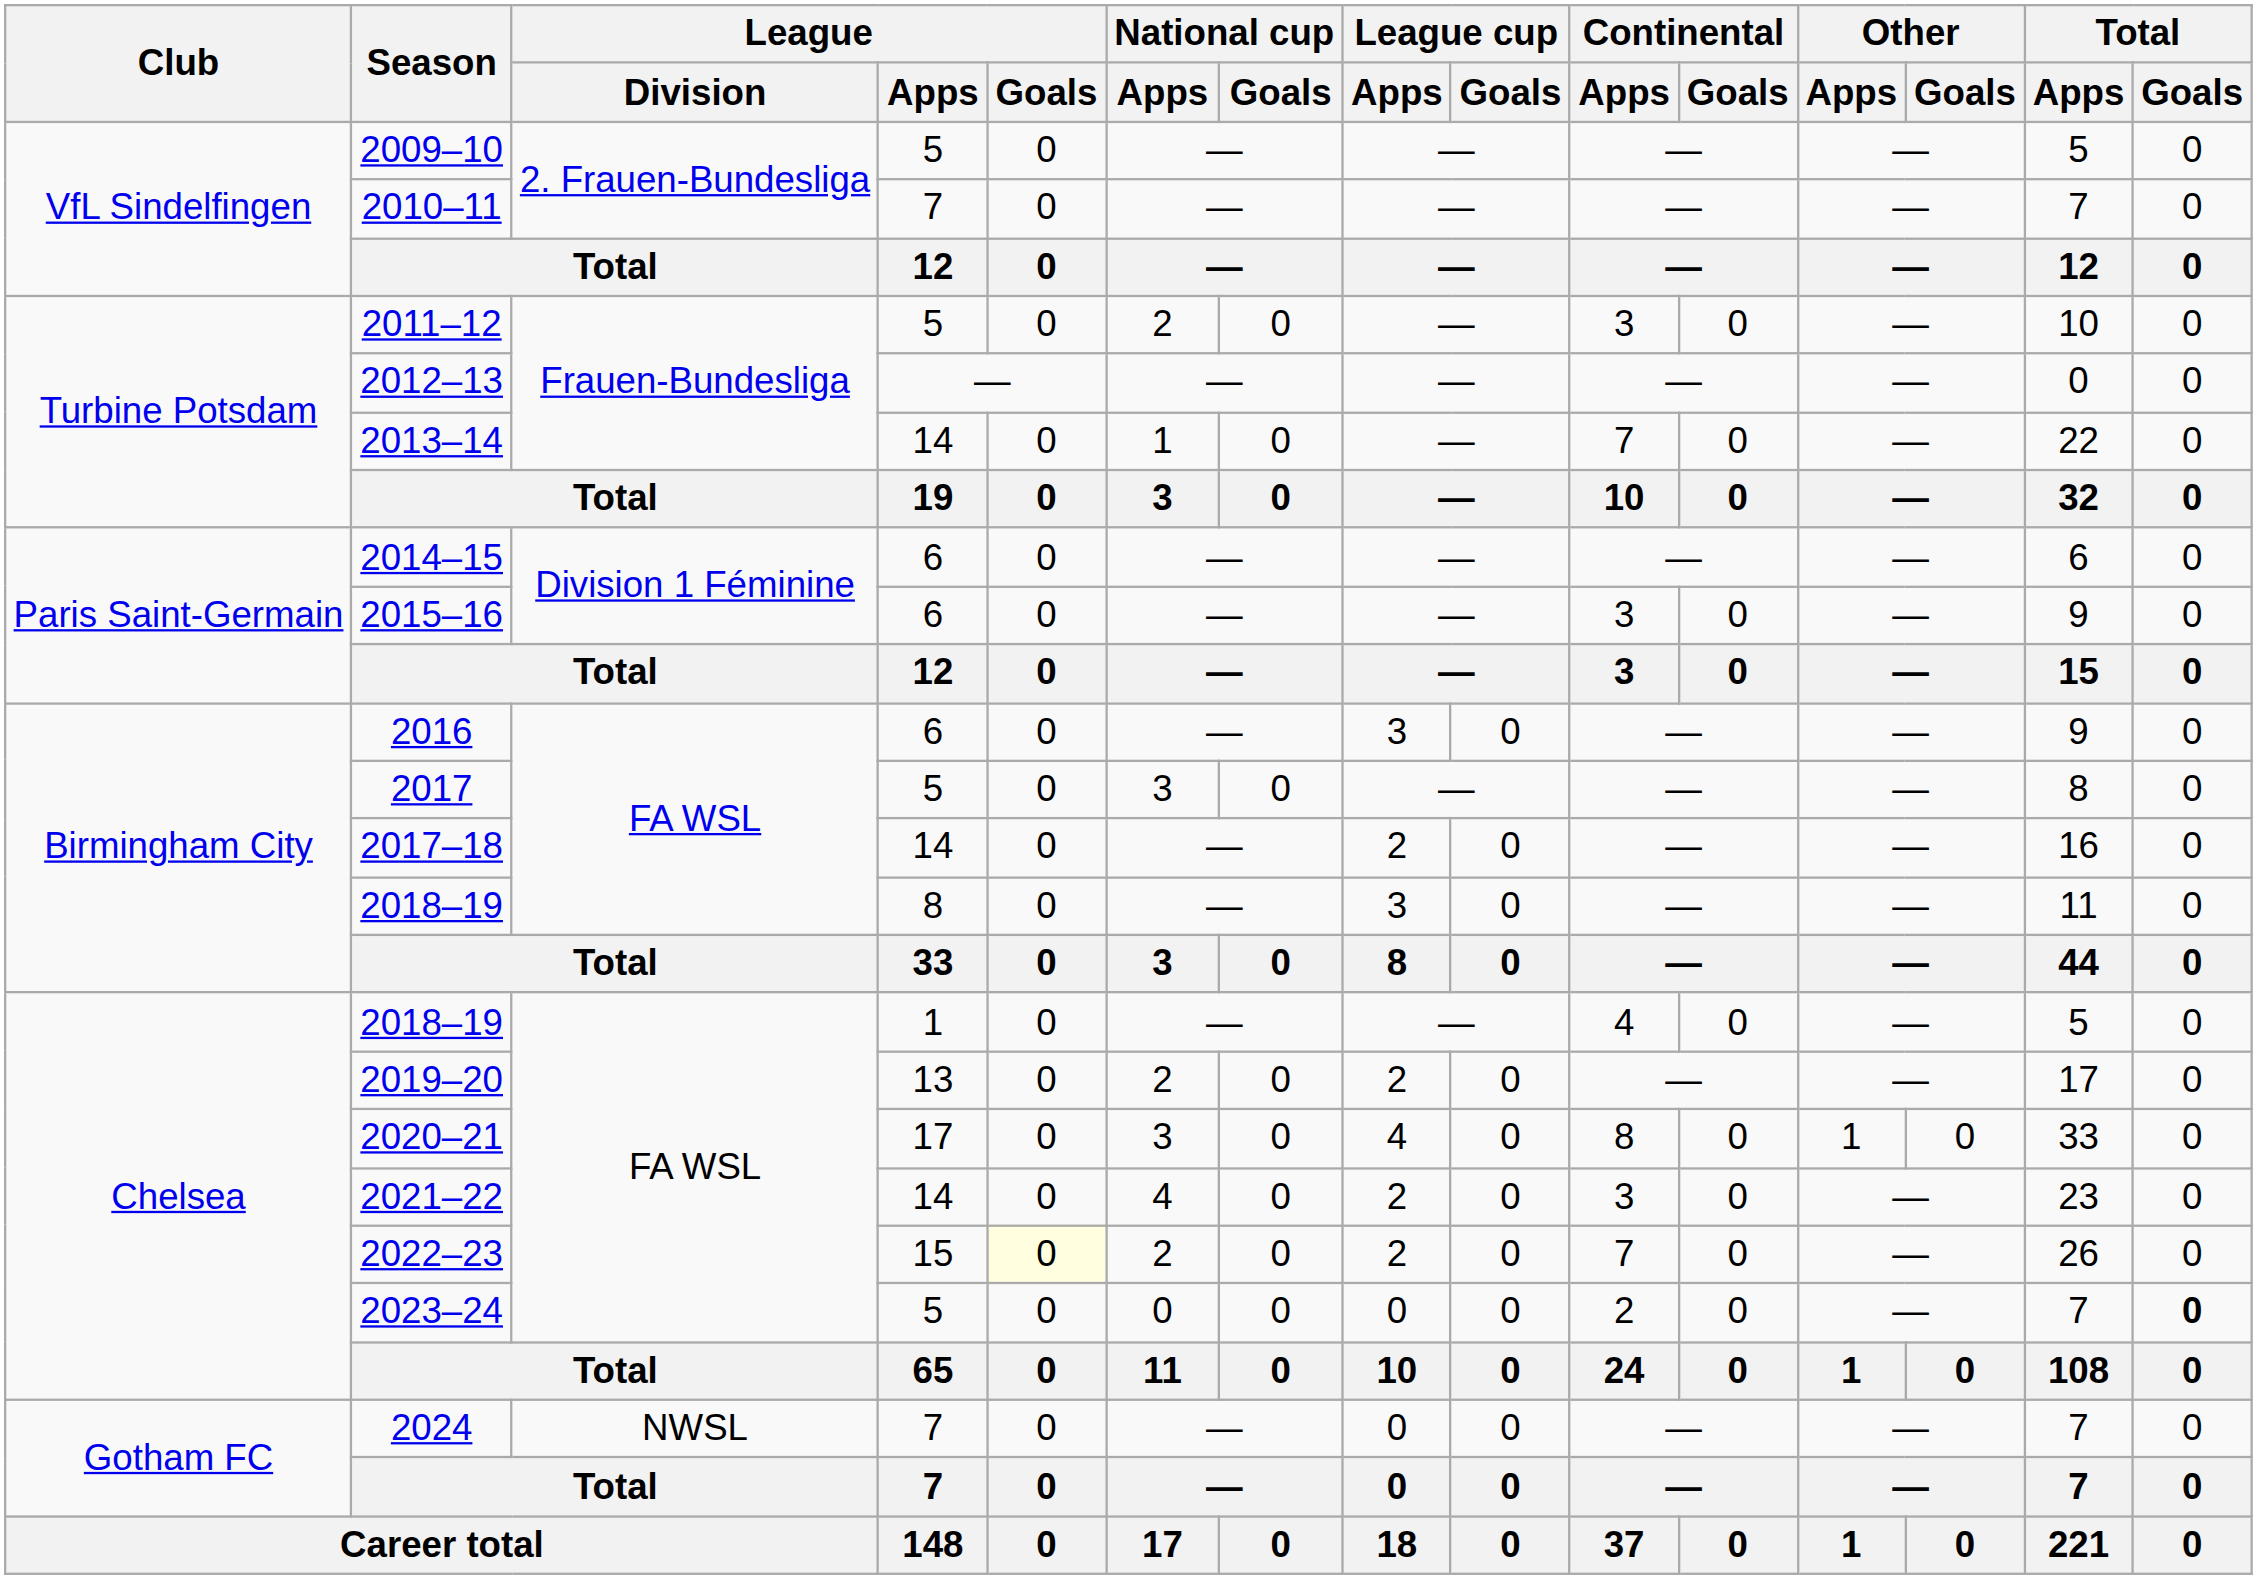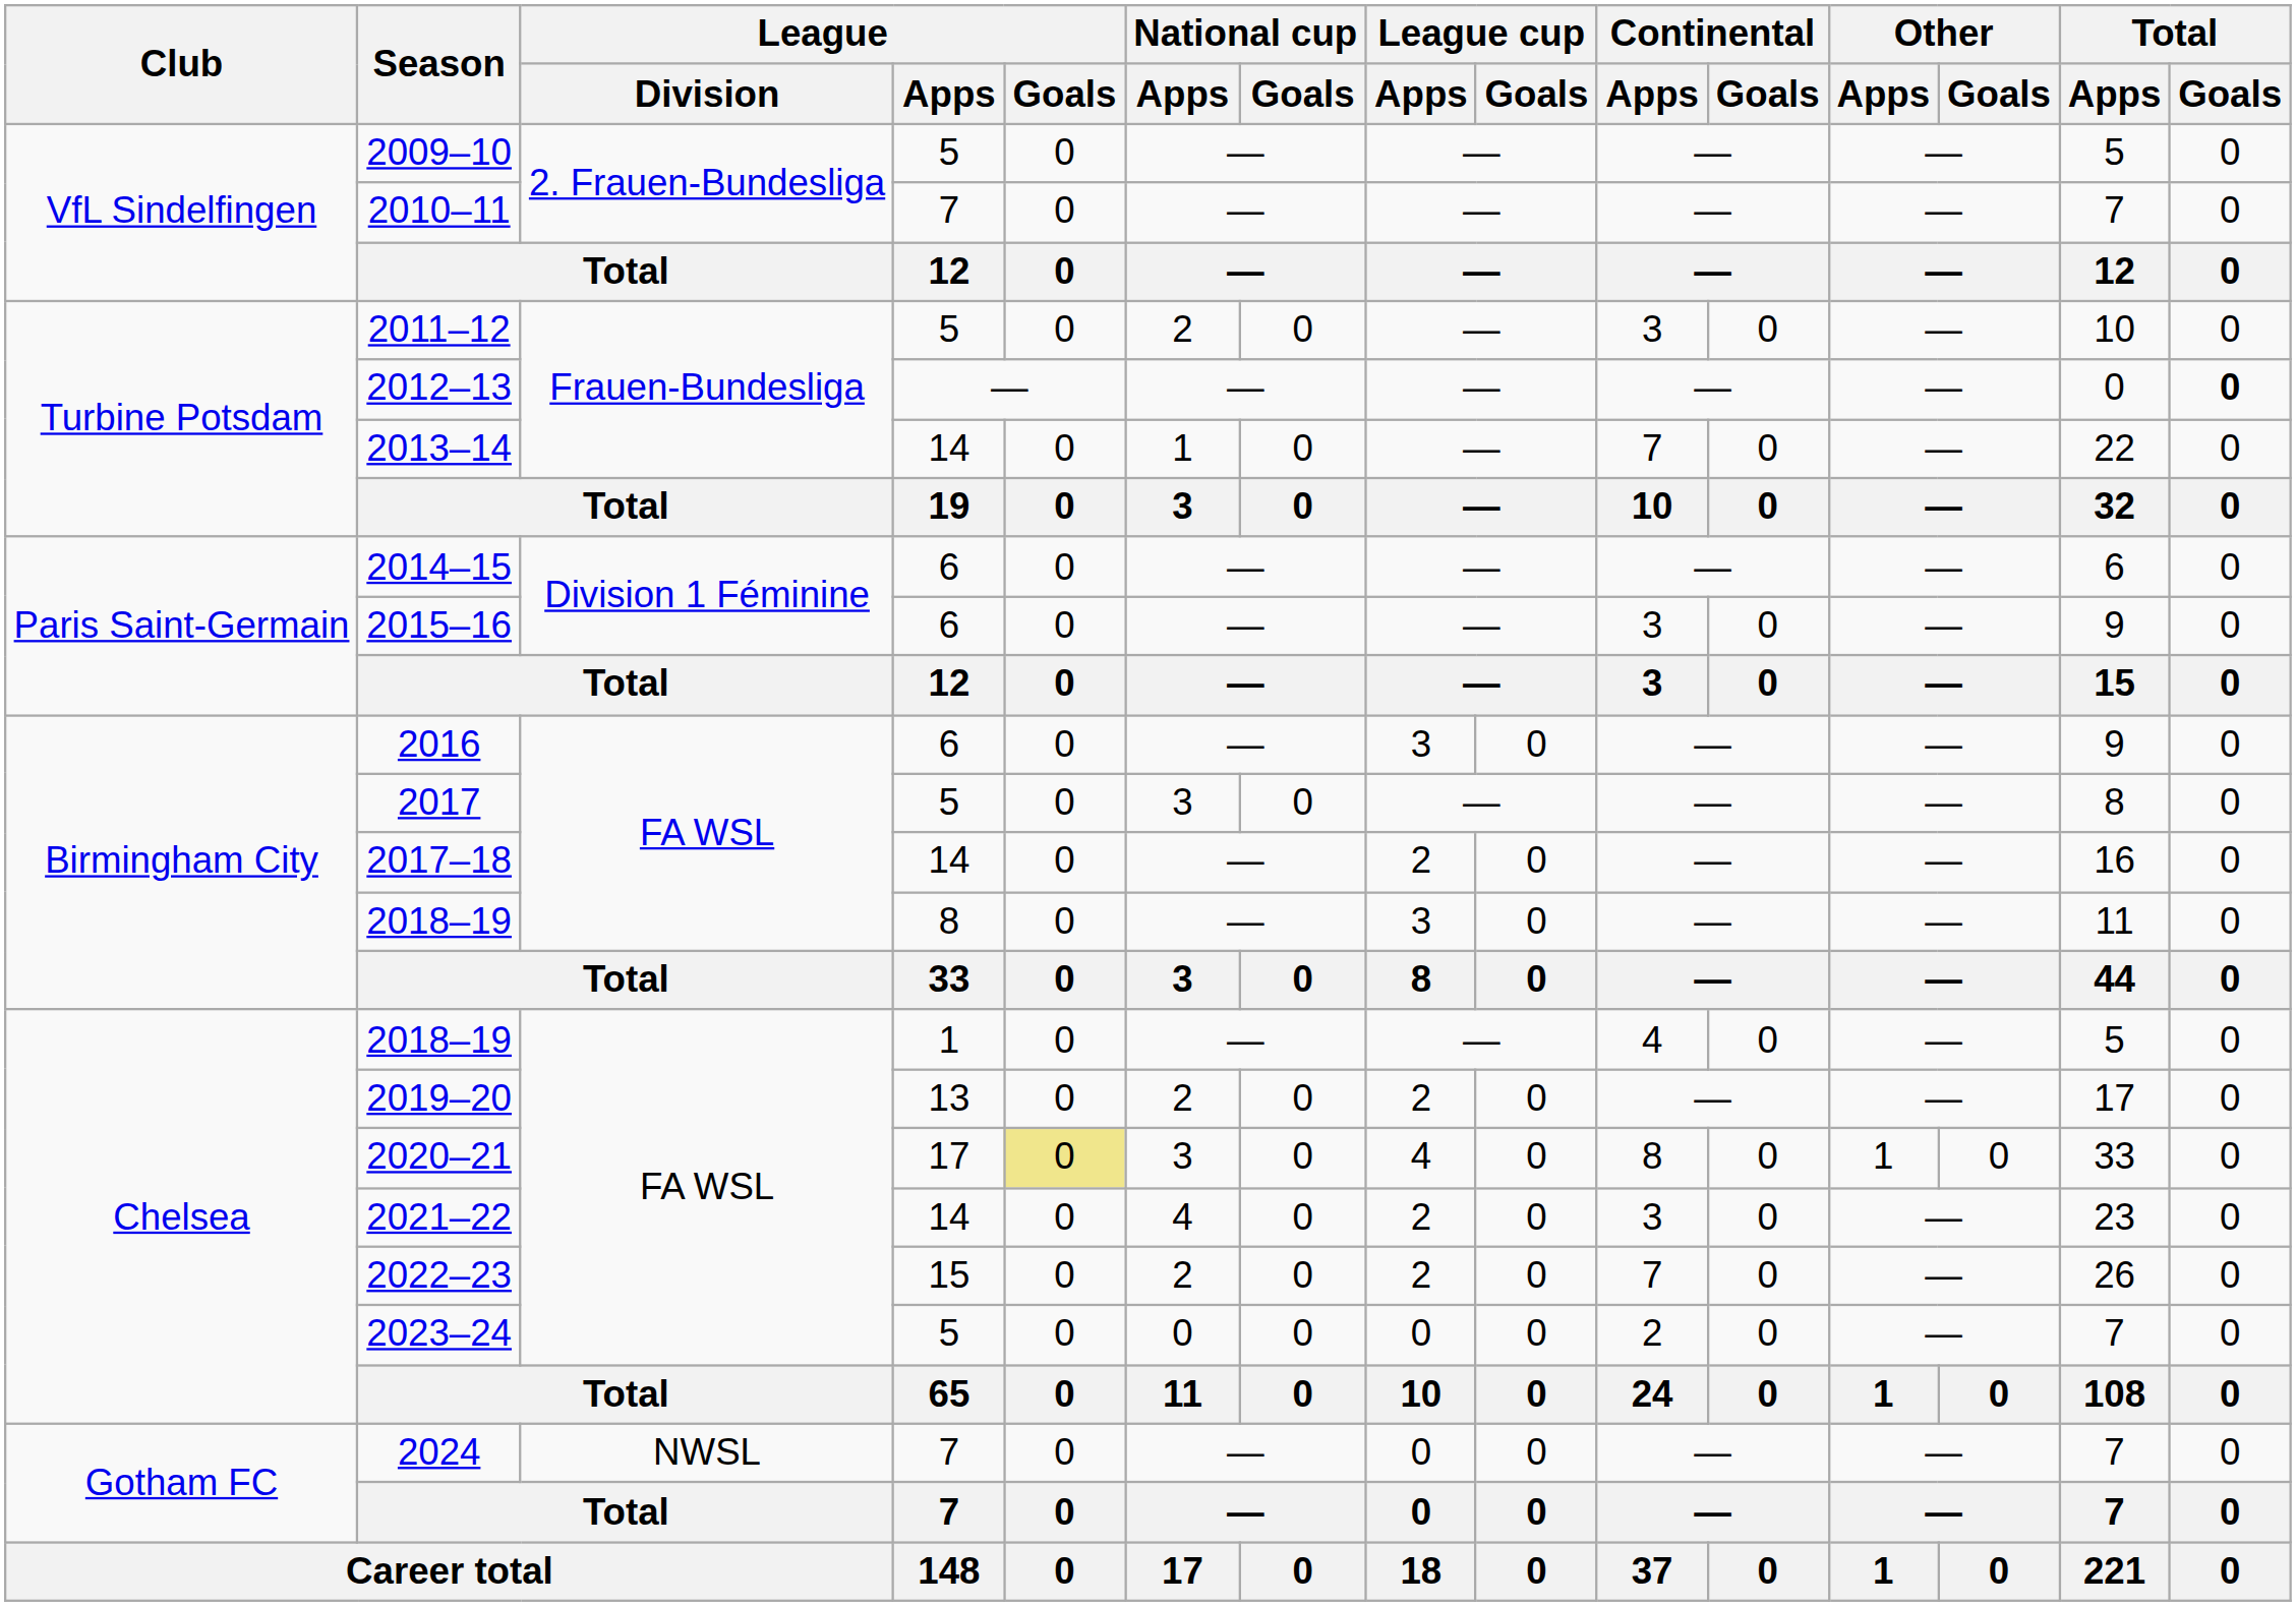 <table class="wikitable" style="text-align:center">
 <tr>
 <th rowspan="2">Club</th>
 <th rowspan="2">Season</th>
 <th colspan="3">League</th>
 <th colspan="2">National cup</th>
 <th colspan="2">League cup</th>
 <th colspan="2">Continental</th>
 <th colspan="2">Other</th>
 <th colspan="2">Total</th>
 </tr>
 <tr>
 <th>Division</th>
 <th>Apps</th>
 <th>Goals</th>
 <th>Apps</th>
 <th>Goals</th>
 <th>Apps</th>
 <th>Goals</th>
 <th>Apps</th>
 <th>Goals</th>
 <th>Apps</th>
 <th>Goals</th>
 <th>Apps</th>
 <th>Goals</th>
 </tr>
 <tr>
 <td rowspan="3"><a href='#'>VfL Sindelfingen</a></td>
 <td><a href='#'>2009–10</a></td>
 <td rowspan="2"><a href='#'>2. Frauen-Bundesliga</a></td>
 <td>5</td>
 <td>0</td>
 <td colspan="2">—</td>
 <td colspan="2">—</td>
 <td colspan="2">—</td>
 <td colspan="2">—</td>
 <td>5</td>
 <td>0</td>
 </tr>
 <tr>
 <td><a href='#'>2010–11</a></td>
 <td>7</td>
 <td>0</td>
 <td colspan="2">—</td>
 <td colspan="2">—</td>
 <td colspan="2">—</td>
 <td colspan="2">—</td>
 <td>7</td>
 <td>0</td>
 </tr>
 <tr>
 <th colspan="2">Total</th>
 <th>12</th>
 <th>0</th>
 <th colspan="2">—</th>
 <th colspan="2">—</th>
 <th colspan="2">—</th>
 <th colspan="2">—</th>
 <th>12</th>
 <th>0</th>
 </tr>
 <tr>
 <td rowspan="4"><a href='#'>Turbine Potsdam</a></td>
 <td><a href='#'>2011–12</a></td>
 <td rowspan="3"><a href='#'>Frauen-Bundesliga</a></td>
 <td>5</td>
 <td>0</td>
 <td>2</td>
 <td>0</td>
 <td colspan="2">—</td>
 <td>3</td>
 <td>0</td>
 <td colspan="2">—</td>
 <td>10</td>
 <td>0</td>
 </tr>
 <tr>
 <td><a href='#'>2012–13</a></td>
 <td colspan="2">—</td>
 <td colspan="2">—</td>
 <td colspan="2">—</td>
 <td colspan="2">—</td>
 <td colspan="2">—</td>
 <td>0</td>
-<td>0</td>
+<td><strong>0</strong></td>
 </tr>
 <tr>
 <td><a href='#'>2013–14</a></td>
 <td>14</td>
 <td>0</td>
 <td>1</td>
 <td>0</td>
 <td colspan="2">—</td>
 <td>7</td>
 <td>0</td>
 <td colspan="2">—</td>
 <td>22</td>
 <td>0</td>
 </tr>
 <tr>
 <th colspan="2">Total</th>
 <th>19</th>
 <th>0</th>
 <th>3</th>
 <th>0</th>
 <th colspan="2">—</th>
 <th>10</th>
 <th>0</th>
 <th colspan="2">—</th>
 <th>32</th>
 <th>0</th>
 </tr>
 <tr>
 <td rowspan="3"><a href='#'>Paris Saint-Germain</a></td>
 <td><a href='#'>2014–15</a></td>
 <td rowspan="2"><a href='#'>Division 1 Féminine</a></td>
 <td>6</td>
 <td>0</td>
 <td colspan="2">—</td>
 <td colspan="2">—</td>
 <td colspan="2">—</td>
 <td colspan="2">—</td>
 <td>6</td>
 <td>0</td>
 </tr>
 <tr>
 <td><a href='#'>2015–16</a></td>
 <td>6</td>
 <td>0</td>
 <td colspan="2">—</td>
 <td colspan="2">—</td>
 <td>3</td>
 <td>0</td>
 <td colspan="2">—</td>
 <td>9</td>
 <td>0</td>
 </tr>
 <tr>
 <th colspan="2">Total</th>
 <th>12</th>
 <th>0</th>
 <th colspan="2">—</th>
 <th colspan="2">—</th>
 <th>3</th>
 <th>0</th>
 <th colspan="2">—</th>
 <th>15</th>
 <th>0</th>
 </tr>
 <tr>
 <td rowspan="5"><a href='#'>Birmingham City</a></td>
 <td><a href='#'>2016</a></td>
 <td rowspan="4"><a href='#'>FA WSL</a></td>
 <td>6</td>
 <td>0</td>
 <td colspan="2">—</td>
 <td>3</td>
 <td>0</td>
 <td colspan="2">—</td>
 <td colspan="2">—</td>
 <td>9</td>
 <td>0</td>
 </tr>
 <tr>
 <td><a href='#'>2017</a></td>
 <td>5</td>
 <td>0</td>
 <td>3</td>
 <td>0</td>
 <td colspan="2">—</td>
 <td colspan="2">—</td>
 <td colspan="2">—</td>
 <td>8</td>
 <td>0</td>
 </tr>
 <tr>
 <td><a href='#'>2017–18</a></td>
 <td>14</td>
 <td>0</td>
 <td colspan="2">—</td>
 <td>2</td>
 <td>0</td>
 <td colspan="2">—</td>
 <td colspan="2">—</td>
 <td>16</td>
 <td>0</td>
 </tr>
 <tr>
 <td><a href='#'>2018–19</a></td>
 <td>8</td>
 <td>0</td>
 <td colspan="2">—</td>
 <td>3</td>
 <td>0</td>
 <td colspan="2">—</td>
 <td colspan="2">—</td>
 <td>11</td>
 <td>0</td>
 </tr>
 <tr>
 <th colspan="2">Total</th>
 <th>33</th>
 <th>0</th>
 <th>3</th>
 <th>0</th>
 <th>8</th>
 <th>0</th>
 <th colspan="2">—</th>
 <th colspan="2">—</th>
 <th>44</th>
 <th>0</th>
 </tr>
 <tr>
 <td rowspan="7"><a href='#'>Chelsea</a></td>
 <td><a href='#'>2018–19</a></td>
 <td rowspan="6">FA WSL</td>
 <td>1</td>
 <td>0</td>
 <td colspan="2">—</td>
 <td colspan="2">—</td>
 <td>4</td>
 <td>0</td>
 <td colspan="2">—</td>
 <td>5</td>
 <td>0</td>
 </tr>
 <tr>
 <td><a href='#'>2019–20</a></td>
 <td>13</td>
 <td>0</td>
 <td>2</td>
 <td>0</td>
 <td>2</td>
 <td>0</td>
 <td colspan="2">—</td>
 <td colspan="2">—</td>
 <td>17</td>
 <td>0</td>
 </tr>
 <tr>
 <td><a href='#'>2020–21</a></td>
 <td>17</td>
-<td>0</td>
+<td style="background: khaki;">0</td>
 <td>3</td>
 <td>0</td>
 <td>4</td>
 <td>0</td>
 <td>8</td>
 <td>0</td>
 <td>1</td>
 <td>0</td>
 <td>33</td>
 <td>0</td>
 </tr>
 <tr>
 <td><a href='#'>2021–22</a></td>
 <td>14</td>
 <td>0</td>
 <td>4</td>
 <td>0</td>
 <td>2</td>
 <td>0</td>
 <td>3</td>
 <td>0</td>
 <td colspan="2">—</td>
 <td>23</td>
 <td>0</td>
 </tr>
 <tr>
 <td><a href='#'>2022–23</a></td>
 <td>15</td>
-<td style="background: lightyellow;">0</td>
+<td>0</td>
 <td>2</td>
 <td>0</td>
 <td>2</td>
 <td>0</td>
 <td>7</td>
 <td>0</td>
 <td colspan="2">—</td>
 <td>26</td>
 <td>0</td>
 </tr>
 <tr>
 <td><a href='#'>2023–24</a></td>
 <td>5</td>
 <td>0</td>
 <td>0</td>
 <td>0</td>
 <td>0</td>
 <td>0</td>
 <td>2</td>
 <td>0</td>
 <td colspan="2">—</td>
 <td>7</td>
-<td><strong>0</strong></td>
+<td>0</td>
 </tr>
 <tr>
 <th colspan="2">Total</th>
 <th>65</th>
 <th>0</th>
 <th>11</th>
 <th>0</th>
 <th>10</th>
 <th>0</th>
 <th>24</th>
 <th>0</th>
 <th>1</th>
 <th>0</th>
 <th>108</th>
 <th>0</th>
 </tr>
 <tr>
 <td rowspan="2"><a href='#'>Gotham FC</a></td>
 <td><a href='#'>2024</a></td>
 <td rowspan="1">NWSL</td>
 <td>7</td>
 <td>0</td>
 <td colspan="2">—</td>
 <td>0</td>
 <td>0</td>
 <td colspan="2">—</td>
 <td colspan="2">—</td>
 <td>7</td>
 <td>0</td>
 </tr>
 <tr>
 <th colspan="2">Total</th>
 <th>7</th>
 <th>0</th>
 <th colspan="2">—</th>
 <th>0</th>
 <th>0</th>
 <th colspan="2">—</th>
 <th colspan="2">—</th>
 <th>7</th>
 <th>0</th>
 </tr>
 <tr>
 <th colspan="3">Career total</th>
 <th>148</th>
 <th>0</th>
 <th>17</th>
 <th>0</th>
 <th>18</th>
 <th>0</th>
 <th>37</th>
 <th>0</th>
 <th>1</th>
 <th>0</th>
 <th>221</th>
 <th>0</th>
 </tr>
 </table>
